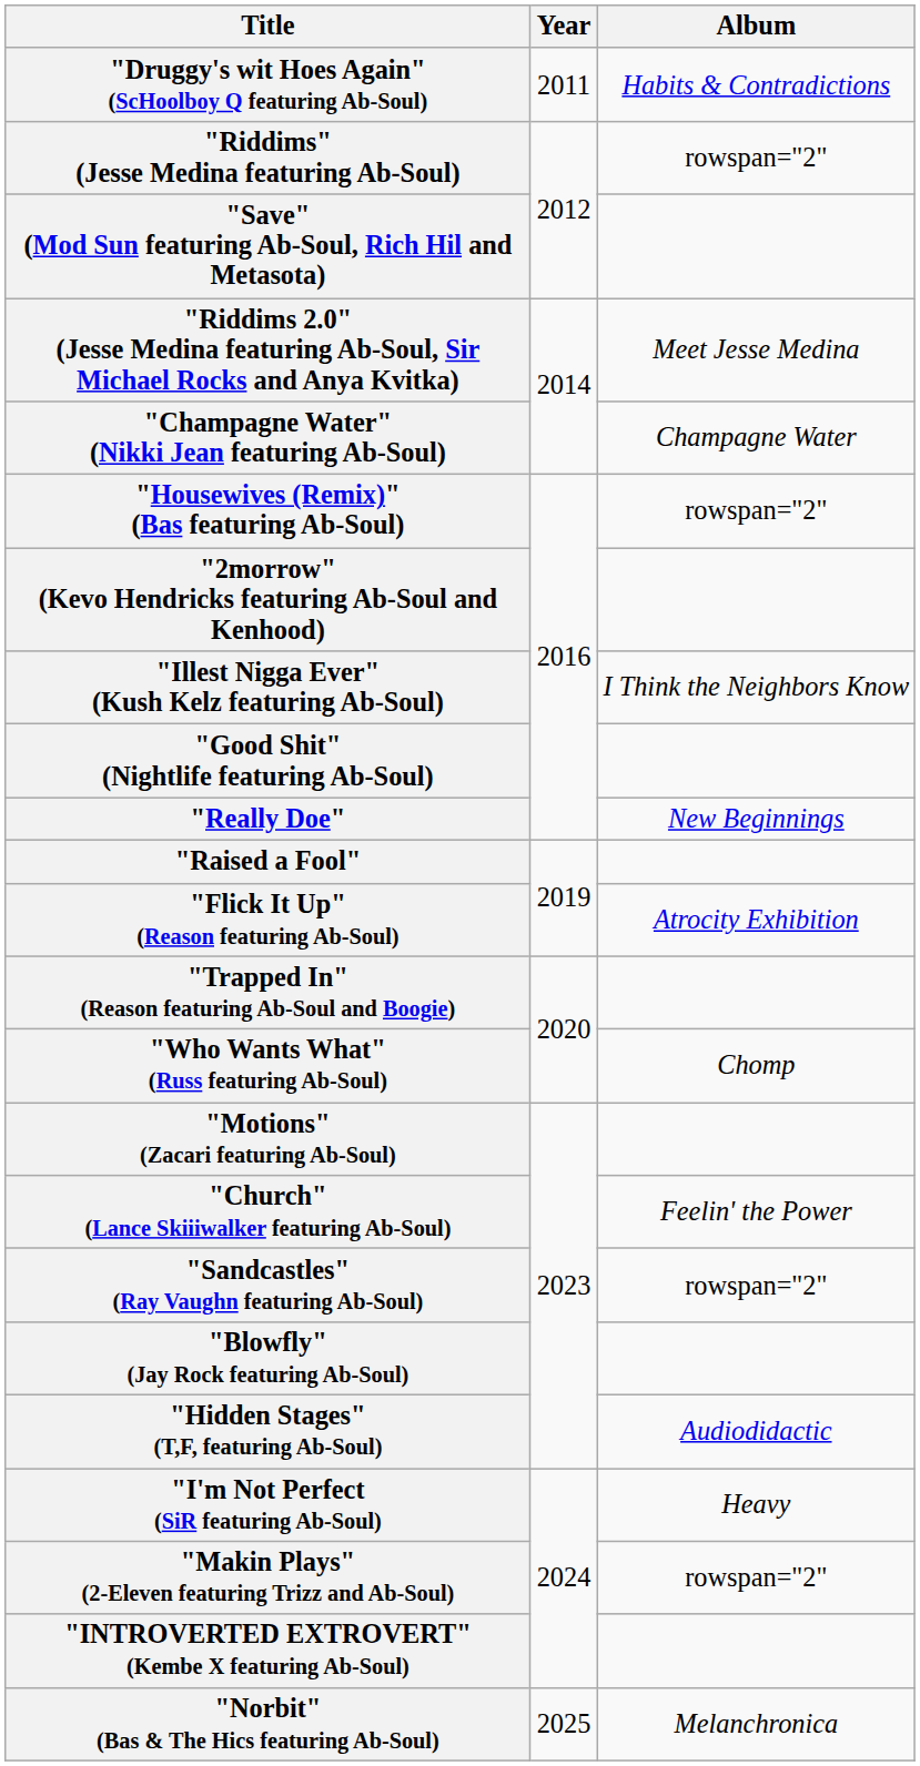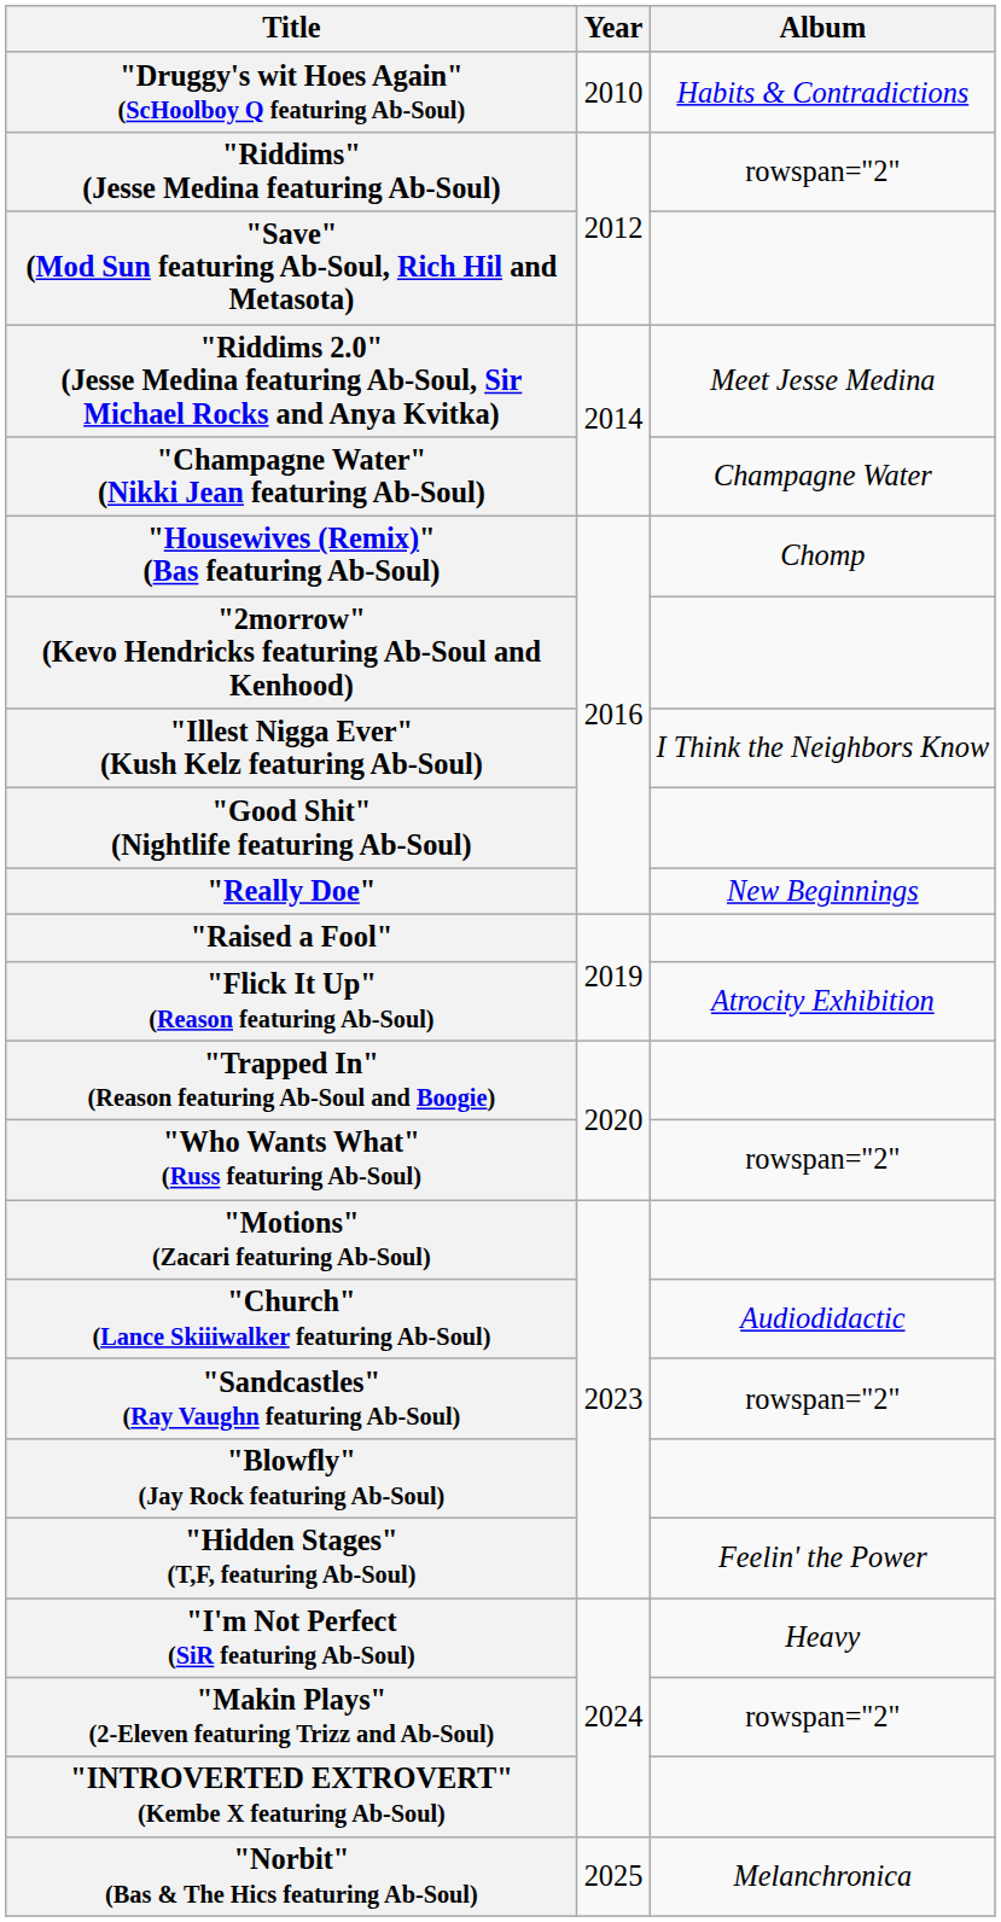 <table class="wikitable plainrowheaders" style="text-align:center;">
 <tr>
 <th scope="col" style="width:19em;">Title</th>
 <th scope="col">Year</th>
 <th scope="col">Album</th>
 </tr>
 <tr>
 <th scope="row">"Druggy's wit Hoes Again"<br><small>(<a href='#'>ScHoolboy Q</a> featuring Ab-Soul)</small></th>
-<td>2011</td>
+<td>2010</td>
 <td><em><a href='#'>Habits & Contradictions</a></em></td>
 </tr>
 <tr>
 <th scope="row">"Riddims"<br><span>(Jesse Medina featuring Ab-Soul)</span></th>
 <td rowspan="2">2012</td>
 <td>rowspan="2" </td>
 </tr>
 <tr>
 <th scope="row">"Save"<br><span>(<a href='#'>Mod Sun</a> featuring Ab-Soul, <a href='#'>Rich Hil</a> and Metasota)</span></th>
 </tr>
 <tr>
 <th scope="row">"Riddims 2.0"<br><span>(Jesse Medina featuring Ab-Soul, <a href='#'>Sir Michael Rocks</a> and Anya Kvitka)</span></th>
 <td rowspan="2">2014</td>
 <td><em>Meet Jesse Medina</em></td>
 </tr>
 <tr>
 <th scope="row">"Champagne Water"<br><span>(<a href='#'>Nikki Jean</a> featuring Ab-Soul)</span></th>
 <td><em>Champagne Water</em></td>
 </tr>
 <tr>
 <th scope="row">"<a href='#'>Housewives (Remix)</a>"<br><span>(<a href='#'>Bas</a> featuring Ab-Soul)</span></th>
 <td rowspan="5">2016</td>
-<td>rowspan="2" </td>
+<td><em>Chomp</em></td>
 </tr>
 <tr>
 <th scope="row">"2morrow"<br><span>(Kevo Hendricks featuring Ab-Soul and Kenhood)</span></th>
 </tr>
 <tr>
 <th scope="row">"Illest Nigga Ever"<br><span>(Kush Kelz featuring Ab-Soul)</span></th>
 <td><em>I Think the Neighbors Know</em></td>
 </tr>
 <tr>
 <th scope="row">"Good Shit"<br><span>(Nightlife featuring Ab-Soul)</span></th>
 <td></td>
 </tr>
 <tr>
 <th scope="row">"<a href='#'>Really Doe</a>"<br></th>
 <td><em><a href='#'>New Beginnings</a></em></td>
 </tr>
 <tr>
 <th scope="row">"Raised a Fool"<br></th>
 <td rowspan="2">2019</td>
 <td></td>
 </tr>
 <tr>
 <th scope="row">"Flick It Up"<br><small>(<a href='#'>Reason</a> featuring Ab-Soul)</small></th>
 <td><em><a href='#'>Atrocity Exhibition</a></em></td>
 </tr>
 <tr>
 <th scope="row">"Trapped In"<br><small>(Reason featuring Ab-Soul and <a href='#'>Boogie</a>)</small></th>
 <td rowspan="2">2020</td>
 <td></td>
 </tr>
 <tr>
 <th scope="row">"Who Wants What"<br><small>(<a href='#'>Russ</a> featuring Ab-Soul)</small></th>
-<td><em>Chomp</em></td>
+<td>rowspan="2" </td>
 </tr>
 <tr>
 <th scope="row">"Motions"<br><small>(Zacari featuring Ab-Soul)</small></th>
 <td rowspan="5">2023</td>
 <td></td>
 </tr>
 <tr>
 <th scope="row">"Church"<br><small>(<a href='#'>Lance Skiiiwalker</a> featuring Ab-Soul)</small></th>
-<td><em>Feelin' the Power</em></td>
+<td><em><a href='#'>Audiodidactic</a></em></td>
 </tr>
 <tr>
 <th scope="row">"Sandcastles"<br><small>(<a href='#'>Ray Vaughn</a> featuring Ab-Soul)</small></th>
 <td>rowspan="2" </td>
 </tr>
 <tr>
 <th scope="row">"Blowfly"<br><small>(Jay Rock featuring Ab-Soul)</small></th>
 </tr>
 <tr>
 <th scope="row">"Hidden Stages"<br><small>(T,F, featuring Ab-Soul)</small></th>
-<td><em><a href='#'>Audiodidactic</a></em></td>
+<td><em>Feelin' the Power</em></td>
 </tr>
 <tr>
 <th scope="row">"I'm Not Perfect<br><small>(<a href='#'>SiR</a> featuring Ab-Soul)</small></th>
 <td rowspan="3">2024</td>
 <td><em>Heavy</em></td>
 </tr>
 <tr>
 <th scope="row">"Makin Plays"<br><small>(2-Eleven featuring Trizz and Ab-Soul)</small></th>
 <td>rowspan="2" </td>
 </tr>
 <tr>
 <th scope="row">"INTROVERTED EXTROVERT"<br><small>(Kembe X featuring Ab-Soul)</small></th>
 </tr>
 <tr>
 <th>"Norbit"<br><small>(Bas & The Hics featuring Ab-Soul)</small></th>
 <td>2025</td>
 <td><em>Melanchronica</em></td>
 </tr>
 </table>
